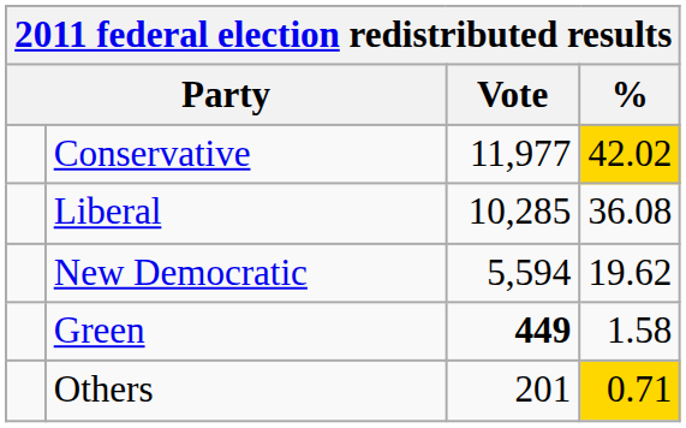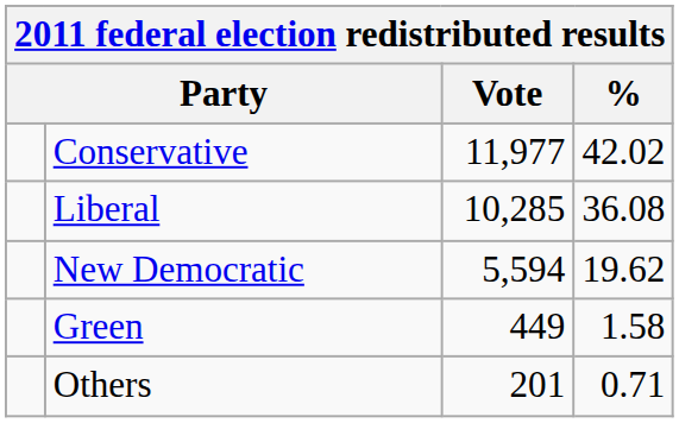 <table class="wikitable">
 <tr>
 <th colspan="4"><a href='#'>2011 federal election</a> redistributed results</th>
 </tr>
 <tr>
 <th bgcolor="#DDDDFF" width="130px" colspan="2">Party</th>
 <th bgcolor="#DDDDFF" width="50px">Vote</th>
 <th bgcolor="#DDDDFF" width="30px">%</th>
 </tr>
 <tr>
 <td> </td>
 <td><a href='#'>Conservative</a></td>
 <td align=right>11,977</td>
-<td align=right style="background: gold;">42.02</td>
+<td align=right>42.02</td>
 </tr>
 <tr>
 <td> </td>
 <td><a href='#'>Liberal</a></td>
 <td align=right>10,285</td>
 <td align=right>36.08</td>
 </tr>
 <tr>
 <td> </td>
 <td><a href='#'>New Democratic</a></td>
 <td align=right>5,594</td>
 <td align=right>19.62</td>
 </tr>
 <tr>
 <td> </td>
 <td><a href='#'>Green</a></td>
-<td align=right><strong>449</strong></td>
+<td align=right>449</td>
 <td align=right>1.58</td>
 </tr>
 <tr>
 <td> </td>
 <td>Others</td>
 <td align=right>201</td>
-<td align=right style="background: gold;">0.71</td>
+<td align=right>0.71</td>
 </tr>
 </table>
